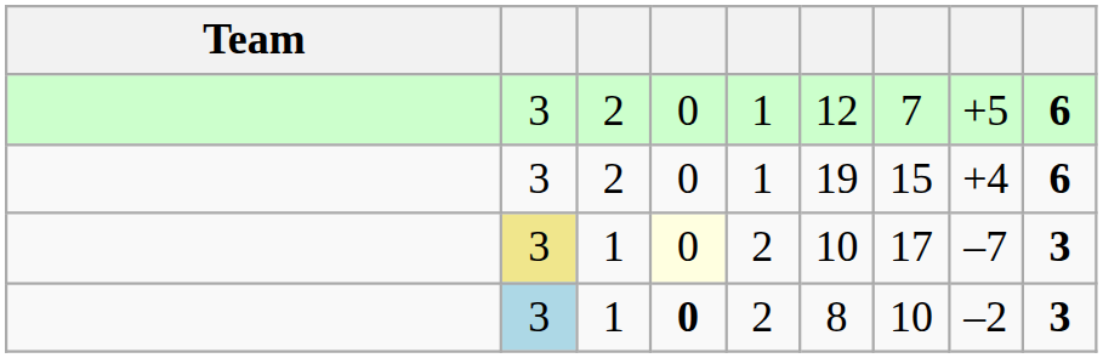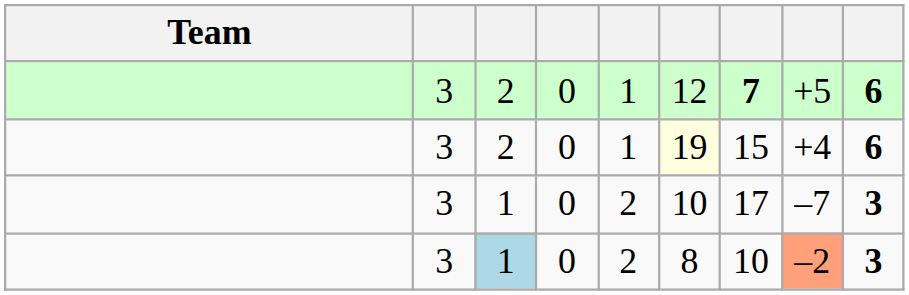 <table class="wikitable" style="text-align: center;">
 <tr>
 <th style="width:175px;">Team</th>
 <th width="20"></th>
 <th width="20"></th>
 <th width="20"></th>
 <th width="20"></th>
 <th width="20"></th>
 <th width="20"></th>
 <th width="20"></th>
 <th width="20"></th>
 </tr>
 <tr style="background:#cfc;">
 <td align=left></td>
 <td>3</td>
 <td>2</td>
 <td>0</td>
 <td>1</td>
 <td>12</td>
-<td>7</td>
+<td><strong>7</strong></td>
 <td>+5</td>
 <td><strong>6</strong></td>
 </tr>
 <tr>
 <td align=left></td>
 <td>3</td>
 <td>2</td>
 <td>0</td>
 <td>1</td>
-<td>19</td>
+<td style="background: lightyellow;">19</td>
 <td>15</td>
 <td>+4</td>
 <td><strong>6</strong></td>
 </tr>
 <tr>
 <td align=left></td>
-<td style="background: khaki;">3</td>
+<td>3</td>
 <td>1</td>
-<td style="background: lightyellow;">0</td>
+<td>0</td>
 <td>2</td>
 <td>10</td>
 <td>17</td>
 <td>–7</td>
 <td><strong>3</strong></td>
 </tr>
 <tr>
 <td align=left></td>
-<td style="background: lightblue;">3</td>
-<td>1</td>
-<td><strong>0</strong></td>
+<td>3</td>
+<td style="background: lightblue;">1</td>
+<td>0</td>
 <td>2</td>
 <td>8</td>
 <td>10</td>
-<td>–2</td>
+<td style="background: lightsalmon;">–2</td>
 <td><strong>3</strong></td>
 </tr>
 </table>
